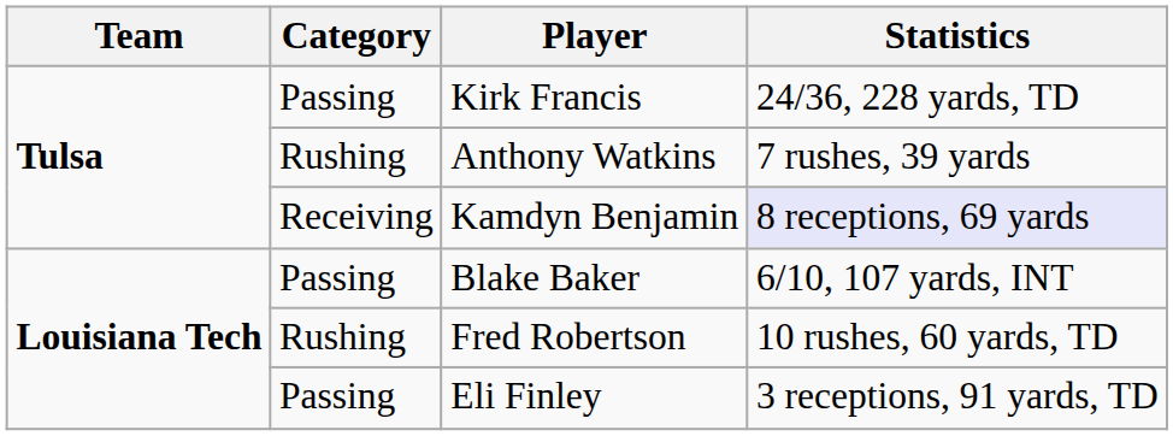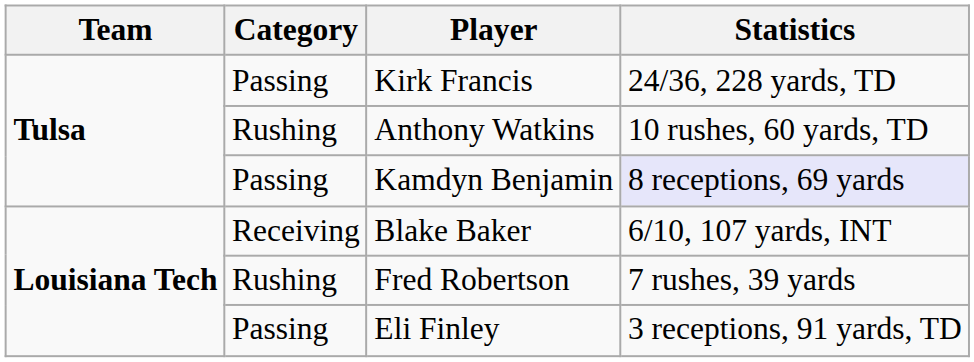 <table class="wikitable" style="float: right;">
 <tr>
 <th>Team</th>
 <th>Category</th>
 <th>Player</th>
 <th>Statistics</th>
 </tr>
 <tr>
 <td rowspan=3><strong>Tulsa</strong></td>
 <td>Passing</td>
 <td>Kirk Francis</td>
 <td>24/36, 228 yards, TD</td>
 </tr>
 <tr>
 <td>Rushing</td>
 <td>Anthony Watkins</td>
-<td>7 rushes, 39 yards</td>
+<td>10 rushes, 60 yards, TD</td>
 </tr>
 <tr>
-<td>Receiving</td>
+<td>Passing</td>
 <td>Kamdyn Benjamin</td>
 <td style="background: lavender;">8 receptions, 69 yards</td>
 </tr>
 <tr>
 <td rowspan=3><strong>Louisiana Tech</strong></td>
-<td>Passing</td>
+<td>Receiving</td>
 <td>Blake Baker</td>
 <td>6/10, 107 yards, INT</td>
 </tr>
 <tr>
 <td>Rushing</td>
 <td>Fred Robertson</td>
-<td>10 rushes, 60 yards, TD</td>
+<td>7 rushes, 39 yards</td>
 </tr>
 <tr>
 <td>Passing</td>
 <td>Eli Finley</td>
 <td>3 receptions, 91 yards, TD</td>
 </tr>
 </table>
